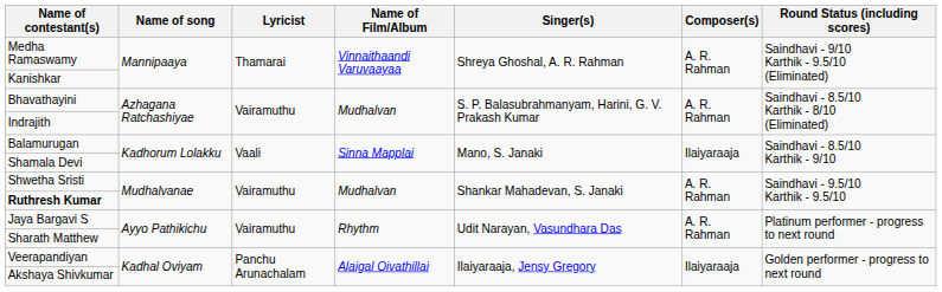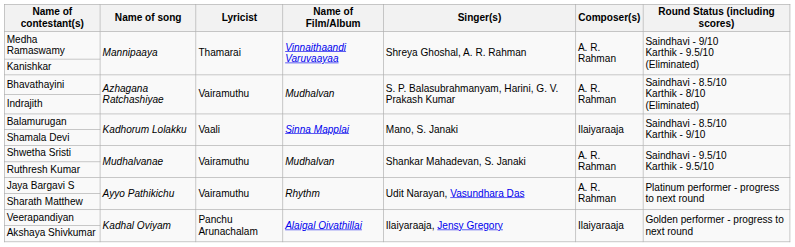 <table class="wikitable">
 <tr>
 <th>Name of contestant(s)</th>
 <th>Name of song</th>
 <th>Lyricist</th>
 <th>Name of Film/Album</th>
 <th>Singer(s)</th>
 <th>Composer(s)</th>
 <th>Round Status (including scores)</th>
 </tr>
 <tr>
 <td>Medha Ramaswamy</td>
 <td rowspan="2"><em>Mannipaaya</em></td>
 <td rowspan="2">Thamarai</td>
 <td rowspan="2"><a href='#'><em>Vinnaithaandi Varuvaayaa</em></a></td>
 <td rowspan="2">Shreya Ghoshal, A. R. Rahman</td>
 <td rowspan="2">A. R. Rahman</td>
 <td rowspan="2">Saindhavi - 9/10<br>Karthik - 9.5/10<br>(Eliminated)</td>
 </tr>
 <tr>
 <td>Kanishkar</td>
 </tr>
 <tr>
 <td>Bhavathayini</td>
 <td rowspan="2"><em>Azhagana Ratchashiyae</em></td>
 <td rowspan="2">Vairamuthu</td>
 <td rowspan="2"><em>Mudhalvan</em></td>
 <td rowspan="2">S. P. Balasubrahmanyam, Harini, G. V. Prakash Kumar</td>
 <td rowspan="2">A. R. Rahman</td>
 <td rowspan="2">Saindhavi - 8.5/10<br>Karthik - 8/10<br>(Eliminated)</td>
 </tr>
 <tr>
 <td>Indrajith</td>
 </tr>
 <tr>
 <td>Balamurugan</td>
 <td rowspan="2"><em>Kadhorum Lolakku</em></td>
 <td rowspan="2">Vaali</td>
 <td rowspan="2"><a href='#'><em>Sinna Mapplai</em></a></td>
 <td rowspan="2">Mano, S. Janaki</td>
 <td rowspan="2">Ilaiyaraaja</td>
 <td rowspan="2">Saindhavi - 8.5/10<br>Karthik - 9/10</td>
 </tr>
 <tr>
 <td>Shamala Devi</td>
 </tr>
 <tr>
 <td>Shwetha Sristi</td>
 <td rowspan="2"><em>Mudhalvanae</em></td>
 <td rowspan="2">Vairamuthu</td>
 <td rowspan="2"><em>Mudhalvan</em></td>
 <td rowspan="2">Shankar Mahadevan, S. Janaki</td>
 <td rowspan="2">A. R. Rahman</td>
 <td rowspan="2">Saindhavi - 9.5/10<br>Karthik - 9.5/10</td>
 </tr>
 <tr>
-<td><strong>Ruthresh Kumar</strong></td>
+<td>Ruthresh Kumar</td>
 </tr>
 <tr>
 <td>Jaya Bargavi S</td>
 <td rowspan="2"><em>Ayyo Pathikichu</em></td>
 <td rowspan="2">Vairamuthu</td>
 <td rowspan="2"><em>Rhythm</em></td>
 <td rowspan="2">Udit Narayan, <a href='#'>Vasundhara Das</a></td>
 <td rowspan="2">A. R. Rahman</td>
 <td rowspan="2">Platinum performer - progress to next round</td>
 </tr>
 <tr>
 <td>Sharath Matthew</td>
 </tr>
 <tr>
 <td>Veerapandiyan</td>
 <td rowspan="2"><em>Kadhal Oviyam</em></td>
 <td rowspan="2">Panchu Arunachalam</td>
 <td rowspan="2"><a href='#'><em>Alaigal Oivathillai</em></a></td>
 <td rowspan="2">Ilaiyaraaja, <a href='#'>Jensy Gregory</a></td>
 <td rowspan="2">Ilaiyaraaja</td>
 <td rowspan="2">Golden performer - progress to next round</td>
 </tr>
 <tr>
 <td>Akshaya Shivkumar</td>
 </tr>
 </table>
